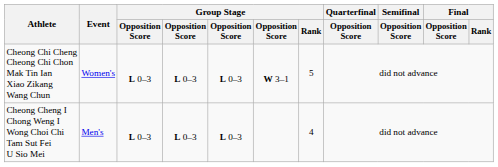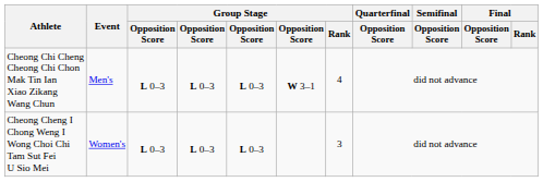 <table class=wikitable style=font-size:90%;text-align:center>
 <tr>
 <th rowspan="2">Athlete</th>
 <th rowspan="2">Event</th>
 <th colspan="5">Group Stage</th>
 <th>Quarterfinal</th>
 <th>Semifinal</th>
 <th colspan="2">Final</th>
 </tr>
 <tr style="font-size:95%">
 <th>Opposition<br>Score</th>
 <th>Opposition<br>Score</th>
 <th>Opposition<br>Score</th>
 <th>Opposition<br>Score</th>
 <th>Rank</th>
 <th>Opposition<br>Score</th>
 <th>Opposition<br>Score</th>
 <th>Opposition<br>Score</th>
 <th>Rank</th>
 </tr>
 <tr>
 <td align=left>Cheong Chi Cheng<br>Cheong Chi Chon<br>Mak Tin Ian<br>Xiao Zikang<br>Wang Chun</td>
+<td align=left><a href='#'>Men's</a></td>
+<td><br><strong>L</strong> 0–3</td>
+<td><br><strong>L</strong> 0–3</td>
+<td><br><strong>L</strong> 0–3</td>
+<td><br><strong>W</strong> 3–1</td>
+<td>4</td>
+<td colspan=4>did not advance</td>
+</tr>
+<tr>
+<td align=left>Cheong Cheng I<br>Chong Weng I<br>Wong Choi Chi<br>Tam Sut Fei<br>U Sio Mei</td>
 <td align=left><a href='#'>Women's</a></td>
 <td><br><strong>L</strong> 0–3</td>
 <td><br><strong>L</strong> 0–3</td>
 <td><br><strong>L</strong> 0–3</td>
-<td><br><strong>W</strong> 3–1</td>
-<td>5</td>
-<td colspan=4>did not advance</td>
-</tr>
-<tr>
-<td align=left>Cheong Cheng I<br>Chong Weng I<br>Wong Choi Chi<br>Tam Sut Fei<br>U Sio Mei</td>
-<td align=left><a href='#'>Men's</a></td>
-<td><br><strong>L</strong> 0–3</td>
-<td><br><strong>L</strong> 0–3</td>
-<td><br><strong>L</strong> 0–3</td>
 <td></td>
-<td>4</td>
+<td>3</td>
 <td colspan=4>did not advance</td>
 </tr>
 </table>
